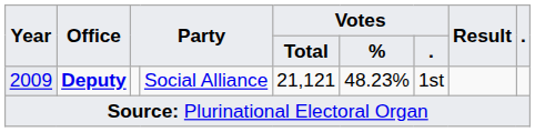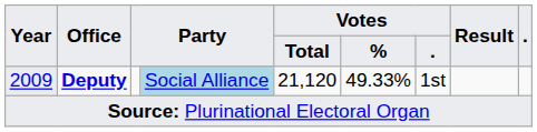 <table class="wikitable" style="font-size:90%; text-align:center;">
 <tr>
 <th style="background-color:#EAECF0;" rowspan=2>Year</th>
 <th style="background-color:#EAECF0;" rowspan=2>Office</th>
 <th style="background-color:#EAECF0;" colspan=2 rowspan=2>Party</th>
 <th style="background-color:#EAECF0;" colspan=3>Votes</th>
 <th style="background-color:#EAECF0;" rowspan=2>Result</th>
 <th style="background-color:#EAECF0;" rowspan=2>.</th>
 </tr>
 <tr>
 <th style="background-color:#EAECF0;">Total</th>
 <th style="background-color:#EAECF0;">%</th>
 <th style="background-color:#EAECF0;">.</th>
 </tr>
 <tr>
 <td style="background-color:#EAECF0;"><a href='#'>2009</a></td>
 <td><strong><a href='#'>Deputy</a></strong></td>
 <td style="background-color:"></td>
-<td><a href='#'>Social Alliance</a></td>
-<td>21,121</td>
-<td>48.23%</td>
+<td style="background: lightblue;"><a href='#'>Social Alliance</a></td>
+<td>21,120</td>
+<td>49.33%</td>
 <td>1st</td>
 <td></td>
 <td></td>
 </tr>
 <tr>
 <td style="background-color:#EAECF0;" colspan=9><strong>Source:</strong> <a href='#'>Plurinational Electoral Organ</a>  </td>
 </tr>
 </table>
